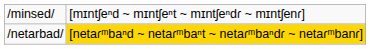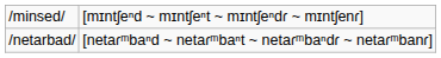 <table class="wikitable">
 <tr>
 <td>/minsed/</td>
 <td>[mɪntʃeⁿd ~ mɪntʃeⁿt ~ mɪntʃeⁿdɾ ~ mɪntʃenɾ]</td>
 </tr>
 <tr>
 <td>/netarbad/</td>
-<td style="background: gold;">[netaɾᵐbaⁿd ~ netaɾᵐbaⁿt ~ netaɾᵐbaⁿdɾ ~ netaɾᵐbanɾ]</td>
+<td>[netaɾᵐbaⁿd ~ netaɾᵐbaⁿt ~ netaɾᵐbaⁿdɾ ~ netaɾᵐbanɾ]</td>
 </tr>
 </table>
